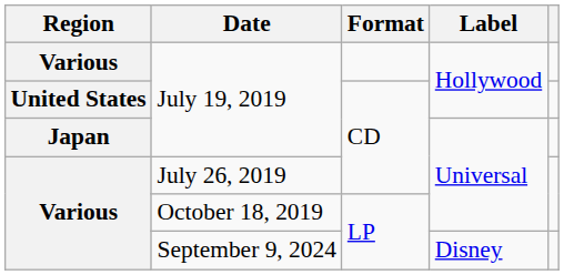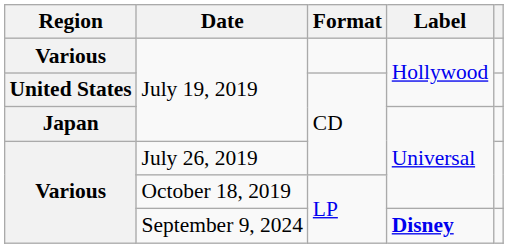 <table class="wikitable plainrowheaders">
 <tr>
 <th scope="col">Region</th>
 <th scope="col">Date</th>
 <th scope="col">Format</th>
 <th scope="col">Label</th>
 <th scope="col"></th>
 </tr>
 <tr>
 <th scope="row">Various</th>
 <td rowspan="3">July 19, 2019</td>
 <td></td>
 <td rowspan="2"><a href='#'>Hollywood</a></td>
 <td align="center"></td>
 </tr>
 <tr>
 <th scope="row">United States</th>
 <td rowspan="3">CD</td>
 <td align="center"></td>
 </tr>
 <tr>
 <th scope="row">Japan</th>
 <td rowspan="3"><a href='#'>Universal</a></td>
 <td align="center"></td>
 </tr>
 <tr>
 <th scope="row" rowspan="3">Various</th>
 <td>July 26, 2019</td>
 <td align="center" rowspan="2"></td>
 </tr>
 <tr>
 <td>October 18, 2019</td>
 <td rowspan="2"><a href='#'>LP</a></td>
 </tr>
 <tr>
 <td>September 9, 2024</td>
-<td><a href='#'>Disney</a></td>
+<td><strong><a href='#'>Disney</a></strong></td>
 <td align="center"></td>
 </tr>
 </table>
